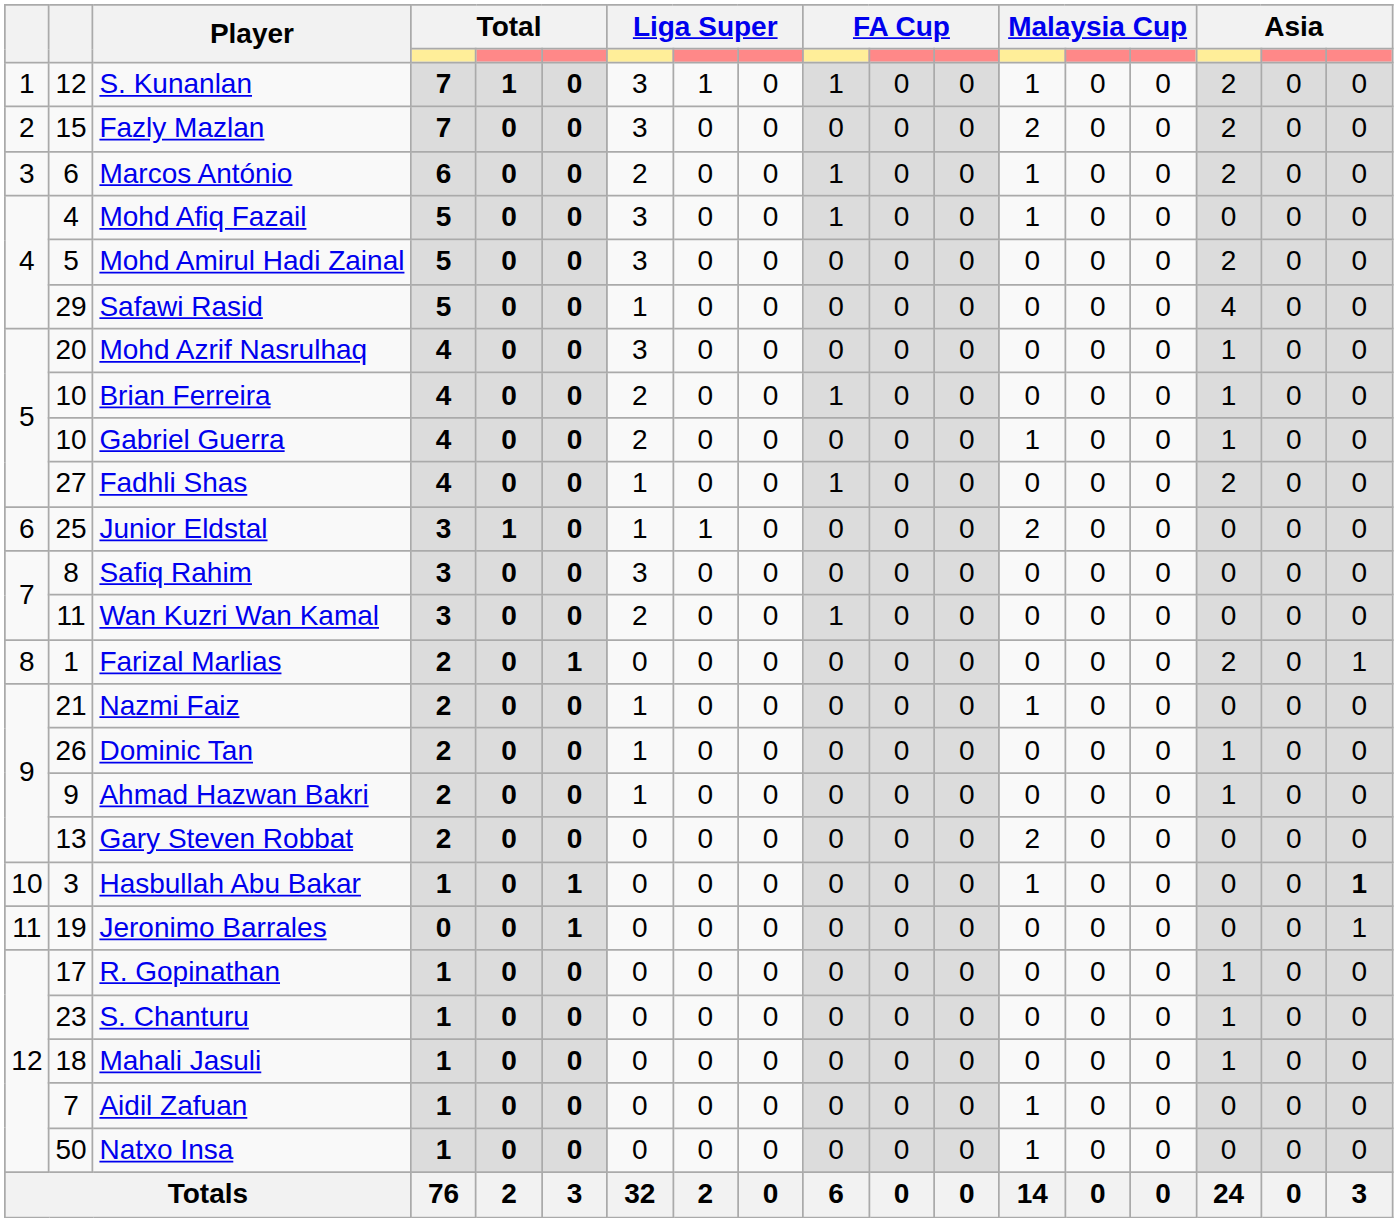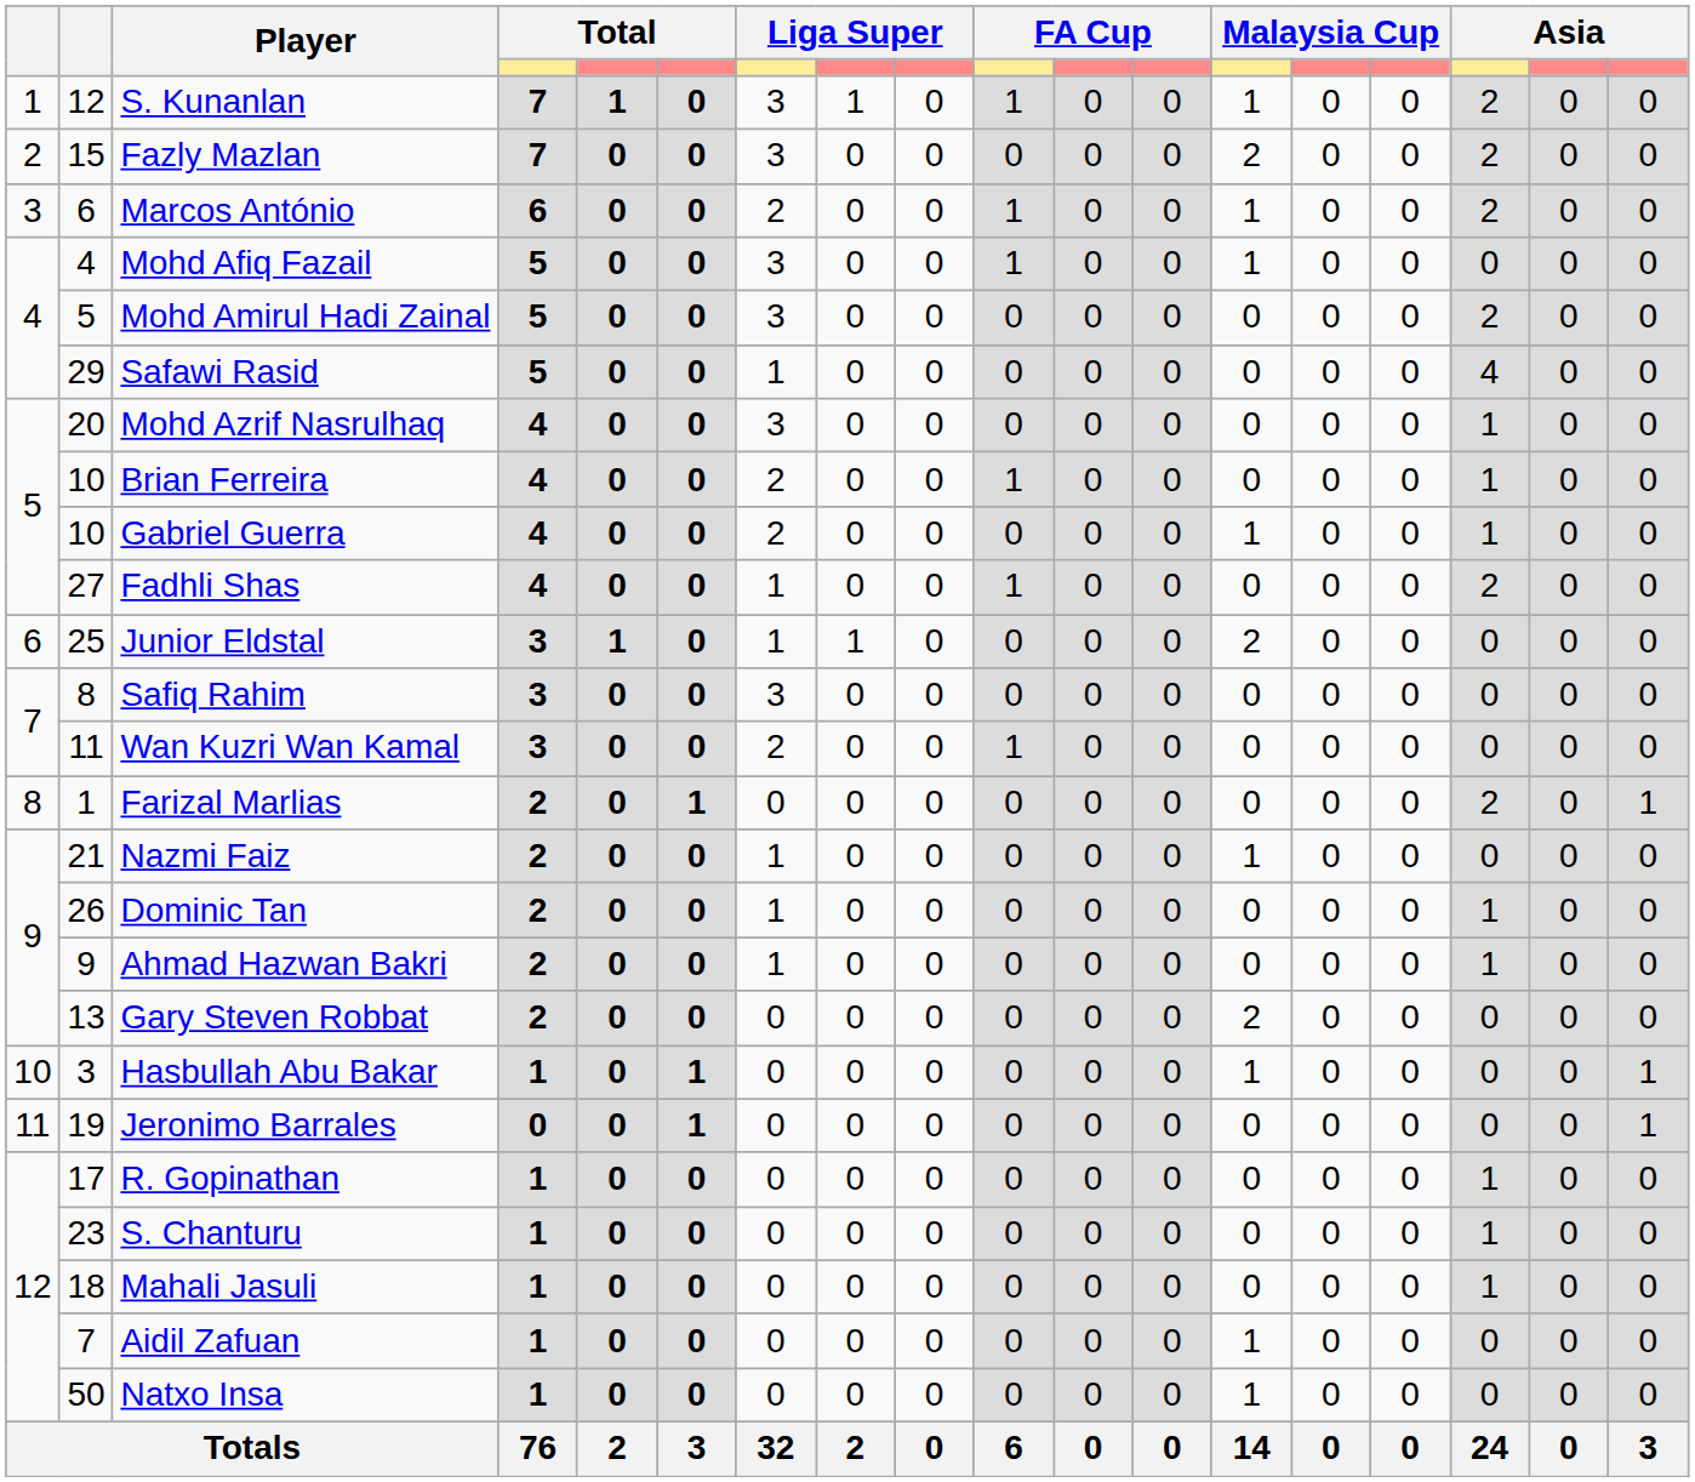 <table class="wikitable" style="text-align:center;">
 <tr style="text-align:center;">
 <th style="width:10px;" rowspan="2"></th>
 <th style="width:10px;" rowspan="2"></th>
 <th rowspan="2">Player</th>
 <th colspan="3">Total</th>
 <th colspan="3"><a href='#'>Liga Super</a></th>
 <th colspan="3"><a href='#'>FA Cup</a></th>
 <th colspan="3"><a href='#'>Malaysia Cup</a></th>
 <th colspan="3">Asia</th>
 </tr>
 <tr>
 <th style="width:30px; background:#fe9;"></th>
 <th style="width:30px; background:#ff8888;"></th>
 <th style="width:30px; background:#ff8888;"></th>
 <th style="width:30px; background:#fe9;"></th>
 <th style="width:30px; background:#ff8888;"></th>
 <th style="width:30px; background:#ff8888;"></th>
 <th style="width:30px; background:#fe9;"></th>
 <th style="width:30px; background:#ff8888;"></th>
 <th style="width:30px; background:#ff8888;"></th>
 <th style="width:30px; background:#fe9;"></th>
 <th style="width:30px; background:#ff8888;"></th>
 <th style="width:30px; background:#ff8888;"></th>
 <th style="width:30px; background:#fe9;"></th>
 <th style="width:30px; background:#ff8888;"></th>
 <th style="width:30px; background:#ff8888;"></th>
 </tr>
 <tr>
 <td rowspan="1">1</td>
 <td>12</td>
 <td align=left> <a href='#'>S. Kunanlan</a></td>
 <td style="background:#DCDCDC"><strong>7</strong> </td>
 <td style="background:#DCDCDC"><strong>1</strong> </td>
 <td style="background:#DCDCDC"><strong>0</strong> </td>
 <td>3 </td>
 <td>1 </td>
 <td>0 </td>
 <td style="background:#DCDCDC">1 </td>
 <td style="background:#DCDCDC">0 </td>
 <td style="background:#DCDCDC">0 </td>
 <td>1 </td>
 <td>0 </td>
 <td>0 </td>
 <td style="background:#DCDCDC">2 </td>
 <td style="background:#DCDCDC">0 </td>
 <td style="background:#DCDCDC">0 </td>
 </tr>
 <tr>
 <td rowspan="1">2</td>
 <td>15</td>
 <td align=left> <a href='#'>Fazly Mazlan</a></td>
 <td style="background:#DCDCDC"><strong>7</strong> </td>
 <td style="background:#DCDCDC"><strong>0</strong> </td>
 <td style="background:#DCDCDC"><strong>0</strong> </td>
 <td>3 </td>
 <td>0 </td>
 <td>0 </td>
 <td style="background:#DCDCDC">0 </td>
 <td style="background:#DCDCDC">0 </td>
 <td style="background:#DCDCDC">0 </td>
 <td>2 </td>
 <td>0 </td>
 <td>0 </td>
 <td style="background:#DCDCDC">2 </td>
 <td style="background:#DCDCDC">0 </td>
 <td style="background:#DCDCDC">0 </td>
 </tr>
 <tr>
 <td rowspan="1">3</td>
 <td>6</td>
 <td align=left> <a href='#'>Marcos António</a></td>
 <td style="background:#DCDCDC"><strong>6</strong> </td>
 <td style="background:#DCDCDC"><strong>0</strong> </td>
 <td style="background:#DCDCDC"><strong>0</strong> </td>
 <td>2 </td>
 <td>0 </td>
 <td>0 </td>
 <td style="background:#DCDCDC">1 </td>
 <td style="background:#DCDCDC">0 </td>
 <td style="background:#DCDCDC">0 </td>
 <td>1 </td>
 <td>0 </td>
 <td>0 </td>
 <td style="background:#DCDCDC">2 </td>
 <td style="background:#DCDCDC">0 </td>
 <td style="background:#DCDCDC">0 </td>
 </tr>
 <tr>
 <td rowspan="3">4</td>
 <td>4</td>
 <td align=left> <a href='#'>Mohd Afiq Fazail</a></td>
 <td style="background:#DCDCDC"><strong>5</strong> </td>
 <td style="background:#DCDCDC"><strong>0</strong> </td>
 <td style="background:#DCDCDC"><strong>0</strong> </td>
 <td>3 </td>
 <td>0 </td>
 <td>0 </td>
 <td style="background:#DCDCDC">1 </td>
 <td style="background:#DCDCDC">0 </td>
 <td style="background:#DCDCDC">0 </td>
 <td>1 </td>
 <td>0 </td>
 <td>0 </td>
 <td style="background:#DCDCDC">0 </td>
 <td style="background:#DCDCDC">0 </td>
 <td style="background:#DCDCDC">0 </td>
 </tr>
 <tr>
 <td>5</td>
 <td align=left> <a href='#'>Mohd Amirul Hadi Zainal</a></td>
 <td style="background:#DCDCDC"><strong>5</strong> </td>
 <td style="background:#DCDCDC"><strong>0</strong> </td>
 <td style="background:#DCDCDC"><strong>0</strong> </td>
 <td>3 </td>
 <td>0 </td>
 <td>0 </td>
 <td style="background:#DCDCDC">0 </td>
 <td style="background:#DCDCDC">0 </td>
 <td style="background:#DCDCDC">0 </td>
 <td>0 </td>
 <td>0 </td>
 <td>0 </td>
 <td style="background:#DCDCDC">2 </td>
 <td style="background:#DCDCDC">0 </td>
 <td style="background:#DCDCDC">0 </td>
 </tr>
 <tr>
 <td>29</td>
 <td align=left> <a href='#'>Safawi Rasid</a></td>
 <td style="background:#DCDCDC"><strong>5</strong> </td>
 <td style="background:#DCDCDC"><strong>0</strong> </td>
 <td style="background:#DCDCDC"><strong>0</strong> </td>
 <td>1 </td>
 <td>0 </td>
 <td>0 </td>
 <td style="background:#DCDCDC">0 </td>
 <td style="background:#DCDCDC">0 </td>
 <td style="background:#DCDCDC">0 </td>
 <td>0 </td>
 <td>0 </td>
 <td>0 </td>
 <td style="background:#DCDCDC">4 </td>
 <td style="background:#DCDCDC">0 </td>
 <td style="background:#DCDCDC">0 </td>
 </tr>
 <tr>
 <td rowspan="4">5</td>
 <td>20</td>
 <td align=left> <a href='#'>Mohd Azrif Nasrulhaq</a></td>
 <td style="background:#DCDCDC"><strong>4</strong> </td>
 <td style="background:#DCDCDC"><strong>0</strong> </td>
 <td style="background:#DCDCDC"><strong>0</strong> </td>
 <td>3 </td>
 <td>0 </td>
 <td>0 </td>
 <td style="background:#DCDCDC">0 </td>
 <td style="background:#DCDCDC">0 </td>
 <td style="background:#DCDCDC">0 </td>
 <td>0 </td>
 <td>0 </td>
 <td>0 </td>
 <td style="background:#DCDCDC">1 </td>
 <td style="background:#DCDCDC">0 </td>
 <td style="background:#DCDCDC">0 </td>
 </tr>
 <tr>
 <td>10</td>
 <td align=left> <a href='#'>Brian Ferreira</a></td>
 <td style="background:#DCDCDC"><strong>4</strong> </td>
 <td style="background:#DCDCDC"><strong>0</strong> </td>
 <td style="background:#DCDCDC"><strong>0</strong> </td>
 <td>2 </td>
 <td>0 </td>
 <td>0 </td>
 <td style="background:#DCDCDC">1 </td>
 <td style="background:#DCDCDC">0 </td>
 <td style="background:#DCDCDC">0 </td>
 <td>0 </td>
 <td>0 </td>
 <td>0 </td>
 <td style="background:#DCDCDC">1 </td>
 <td style="background:#DCDCDC">0 </td>
 <td style="background:#DCDCDC">0 </td>
 </tr>
 <tr>
 <td>10</td>
 <td align=left> <a href='#'>Gabriel Guerra</a></td>
 <td style="background:#DCDCDC"><strong>4</strong> </td>
 <td style="background:#DCDCDC"><strong>0</strong> </td>
 <td style="background:#DCDCDC"><strong>0</strong> </td>
 <td>2 </td>
 <td>0 </td>
 <td>0 </td>
 <td style="background:#DCDCDC">0 </td>
 <td style="background:#DCDCDC">0 </td>
 <td style="background:#DCDCDC">0 </td>
 <td>1 </td>
 <td>0 </td>
 <td>0 </td>
 <td style="background:#DCDCDC">1 </td>
 <td style="background:#DCDCDC">0 </td>
 <td style="background:#DCDCDC">0 </td>
 </tr>
 <tr>
 <td>27</td>
 <td align=left> <a href='#'>Fadhli Shas</a></td>
 <td style="background:#DCDCDC"><strong>4</strong> </td>
 <td style="background:#DCDCDC"><strong>0</strong> </td>
 <td style="background:#DCDCDC"><strong>0</strong> </td>
 <td>1 </td>
 <td>0 </td>
 <td>0 </td>
 <td style="background:#DCDCDC">1 </td>
 <td style="background:#DCDCDC">0 </td>
 <td style="background:#DCDCDC">0 </td>
 <td>0 </td>
 <td>0 </td>
 <td>0 </td>
 <td style="background:#DCDCDC">2 </td>
 <td style="background:#DCDCDC">0 </td>
 <td style="background:#DCDCDC">0 </td>
 </tr>
 <tr>
 <td rowspan="1">6</td>
 <td>25</td>
 <td align=left> <a href='#'>Junior Eldstal</a></td>
 <td style="background:#DCDCDC"><strong>3</strong> </td>
 <td style="background:#DCDCDC"><strong>1</strong> </td>
 <td style="background:#DCDCDC"><strong>0</strong> </td>
 <td>1 </td>
 <td>1 </td>
 <td>0 </td>
 <td style="background:#DCDCDC">0 </td>
 <td style="background:#DCDCDC">0 </td>
 <td style="background:#DCDCDC">0 </td>
 <td>2 </td>
 <td>0 </td>
 <td>0 </td>
 <td style="background:#DCDCDC">0 </td>
 <td style="background:#DCDCDC">0 </td>
 <td style="background:#DCDCDC">0 </td>
 </tr>
 <tr>
 <td rowspan="2">7</td>
 <td>8</td>
 <td align=left> <a href='#'>Safiq Rahim</a></td>
 <td style="background:#DCDCDC"><strong>3</strong> </td>
 <td style="background:#DCDCDC"><strong>0</strong> </td>
 <td style="background:#DCDCDC"><strong>0</strong> </td>
 <td>3 </td>
 <td>0 </td>
 <td>0 </td>
 <td style="background:#DCDCDC">0 </td>
 <td style="background:#DCDCDC">0 </td>
 <td style="background:#DCDCDC">0 </td>
 <td>0 </td>
 <td>0 </td>
 <td>0 </td>
 <td style="background:#DCDCDC">0 </td>
 <td style="background:#DCDCDC">0 </td>
 <td style="background:#DCDCDC">0 </td>
 </tr>
 <tr>
 <td>11</td>
 <td align=left> <a href='#'>Wan Kuzri Wan Kamal</a></td>
 <td style="background:#DCDCDC"><strong>3</strong> </td>
 <td style="background:#DCDCDC"><strong>0</strong> </td>
 <td style="background:#DCDCDC"><strong>0</strong> </td>
 <td>2 </td>
 <td>0 </td>
 <td>0 </td>
 <td style="background:#DCDCDC">1 </td>
 <td style="background:#DCDCDC">0 </td>
 <td style="background:#DCDCDC">0 </td>
 <td>0 </td>
 <td>0 </td>
 <td>0 </td>
 <td style="background:#DCDCDC">0 </td>
 <td style="background:#DCDCDC">0 </td>
 <td style="background:#DCDCDC">0 </td>
 </tr>
 <tr>
 <td rowspan="1">8</td>
 <td>1</td>
 <td align=left> <a href='#'>Farizal Marlias</a></td>
 <td style="background:#DCDCDC"><strong>2</strong> </td>
 <td style="background:#DCDCDC"><strong>0</strong> </td>
 <td style="background:#DCDCDC"><strong>1</strong> </td>
 <td>0 </td>
 <td>0 </td>
 <td>0 </td>
 <td style="background:#DCDCDC">0 </td>
 <td style="background:#DCDCDC">0 </td>
 <td style="background:#DCDCDC">0 </td>
 <td>0 </td>
 <td>0 </td>
 <td>0 </td>
 <td style="background:#DCDCDC">2 </td>
 <td style="background:#DCDCDC">0 </td>
 <td style="background:#DCDCDC">1 </td>
 </tr>
 <tr>
 <td rowspan="4">9</td>
 <td>21</td>
 <td align=left> <a href='#'>Nazmi Faiz</a></td>
 <td style="background:#DCDCDC"><strong>2</strong> </td>
 <td style="background:#DCDCDC"><strong>0</strong> </td>
 <td style="background:#DCDCDC"><strong>0</strong> </td>
 <td>1 </td>
 <td>0 </td>
 <td>0 </td>
 <td style="background:#DCDCDC">0 </td>
 <td style="background:#DCDCDC">0 </td>
 <td style="background:#DCDCDC">0 </td>
 <td>1 </td>
 <td>0 </td>
 <td>0 </td>
 <td style="background:#DCDCDC">0 </td>
 <td style="background:#DCDCDC">0 </td>
 <td style="background:#DCDCDC">0 </td>
 </tr>
 <tr>
 <td>26</td>
 <td align=left> <a href='#'>Dominic Tan</a></td>
 <td style="background:#DCDCDC"><strong>2</strong> </td>
 <td style="background:#DCDCDC"><strong>0</strong> </td>
 <td style="background:#DCDCDC"><strong>0</strong> </td>
 <td>1 </td>
 <td>0 </td>
 <td>0 </td>
 <td style="background:#DCDCDC">0 </td>
 <td style="background:#DCDCDC">0 </td>
 <td style="background:#DCDCDC">0 </td>
 <td>0 </td>
 <td>0 </td>
 <td>0 </td>
 <td style="background:#DCDCDC">1 </td>
 <td style="background:#DCDCDC">0 </td>
 <td style="background:#DCDCDC">0 </td>
 </tr>
 <tr>
 <td>9</td>
 <td align=left> <a href='#'>Ahmad Hazwan Bakri</a></td>
 <td style="background:#DCDCDC"><strong>2</strong> </td>
 <td style="background:#DCDCDC"><strong>0</strong> </td>
 <td style="background:#DCDCDC"><strong>0</strong> </td>
 <td>1 </td>
 <td>0 </td>
 <td>0 </td>
 <td style="background:#DCDCDC">0 </td>
 <td style="background:#DCDCDC">0 </td>
 <td style="background:#DCDCDC">0 </td>
 <td>0 </td>
 <td>0 </td>
 <td>0 </td>
 <td style="background:#DCDCDC">1 </td>
 <td style="background:#DCDCDC">0 </td>
 <td style="background:#DCDCDC">0 </td>
 </tr>
 <tr>
 <td>13</td>
 <td align=left> <a href='#'>Gary Steven Robbat</a></td>
 <td style="background:#DCDCDC"><strong>2</strong> </td>
 <td style="background:#DCDCDC"><strong>0</strong> </td>
 <td style="background:#DCDCDC"><strong>0</strong> </td>
 <td>0 </td>
 <td>0 </td>
 <td>0 </td>
 <td style="background:#DCDCDC">0 </td>
 <td style="background:#DCDCDC">0 </td>
 <td style="background:#DCDCDC">0 </td>
 <td>2 </td>
 <td>0 </td>
 <td>0 </td>
 <td style="background:#DCDCDC">0 </td>
 <td style="background:#DCDCDC">0 </td>
 <td style="background:#DCDCDC">0 </td>
 </tr>
 <tr>
 <td rowspan="1">10</td>
 <td>3</td>
 <td align=left> <a href='#'>Hasbullah Abu Bakar</a></td>
 <td style="background:#DCDCDC"><strong>1</strong> </td>
 <td style="background:#DCDCDC"><strong>0</strong> </td>
 <td style="background:#DCDCDC"><strong>1</strong> </td>
 <td>0 </td>
 <td>0 </td>
 <td>0 </td>
 <td style="background:#DCDCDC">0 </td>
 <td style="background:#DCDCDC">0 </td>
 <td style="background:#DCDCDC">0 </td>
 <td>1 </td>
 <td>0 </td>
 <td>0 </td>
 <td style="background:#DCDCDC">0 </td>
 <td style="background:#DCDCDC">0 </td>
-<td style="background:#DCDCDC"><strong>1 </strong></td>
+<td style="background:#DCDCDC">1 </td>
 </tr>
 <tr>
 <td rowspan="1">11</td>
 <td>19</td>
 <td align=left> <a href='#'>Jeronimo Barrales</a></td>
 <td style="background:#DCDCDC"><strong>0</strong> </td>
 <td style="background:#DCDCDC"><strong>0</strong> </td>
 <td style="background:#DCDCDC"><strong>1</strong> </td>
 <td>0 </td>
 <td>0 </td>
 <td>0 </td>
 <td style="background:#DCDCDC">0 </td>
 <td style="background:#DCDCDC">0 </td>
 <td style="background:#DCDCDC">0 </td>
 <td>0 </td>
 <td>0 </td>
 <td>0 </td>
 <td style="background:#DCDCDC">0 </td>
 <td style="background:#DCDCDC">0 </td>
 <td style="background:#DCDCDC">1 </td>
 </tr>
 <tr>
 <td rowspan="5">12</td>
 <td>17</td>
 <td align=left> <a href='#'>R. Gopinathan</a></td>
 <td style="background:#DCDCDC"><strong>1</strong> </td>
 <td style="background:#DCDCDC"><strong>0</strong> </td>
 <td style="background:#DCDCDC"><strong>0</strong> </td>
 <td>0 </td>
 <td>0 </td>
 <td>0 </td>
 <td style="background:#DCDCDC">0 </td>
 <td style="background:#DCDCDC">0 </td>
 <td style="background:#DCDCDC">0 </td>
 <td>0 </td>
 <td>0 </td>
 <td>0 </td>
 <td style="background:#DCDCDC">1 </td>
 <td style="background:#DCDCDC">0 </td>
 <td style="background:#DCDCDC">0 </td>
 </tr>
 <tr>
 <td>23</td>
 <td align=left> <a href='#'>S. Chanturu</a></td>
 <td style="background:#DCDCDC"><strong>1</strong> </td>
 <td style="background:#DCDCDC"><strong>0</strong> </td>
 <td style="background:#DCDCDC"><strong>0</strong> </td>
 <td>0 </td>
 <td>0 </td>
 <td>0 </td>
 <td style="background:#DCDCDC">0 </td>
 <td style="background:#DCDCDC">0 </td>
 <td style="background:#DCDCDC">0 </td>
 <td>0 </td>
 <td>0 </td>
 <td>0 </td>
 <td style="background:#DCDCDC">1 </td>
 <td style="background:#DCDCDC">0 </td>
 <td style="background:#DCDCDC">0 </td>
 </tr>
 <tr>
 <td>18</td>
 <td align=left> <a href='#'>Mahali Jasuli</a></td>
 <td style="background:#DCDCDC"><strong>1</strong> </td>
 <td style="background:#DCDCDC"><strong>0</strong> </td>
 <td style="background:#DCDCDC"><strong>0</strong> </td>
 <td>0 </td>
 <td>0 </td>
 <td>0 </td>
 <td style="background:#DCDCDC">0 </td>
 <td style="background:#DCDCDC">0 </td>
 <td style="background:#DCDCDC">0 </td>
 <td>0 </td>
 <td>0 </td>
 <td>0 </td>
 <td style="background:#DCDCDC">1 </td>
 <td style="background:#DCDCDC">0 </td>
 <td style="background:#DCDCDC">0 </td>
 </tr>
 <tr>
 <td>7</td>
 <td align=left> <a href='#'>Aidil Zafuan</a></td>
 <td style="background:#DCDCDC"><strong>1</strong> </td>
 <td style="background:#DCDCDC"><strong>0</strong> </td>
 <td style="background:#DCDCDC"><strong>0</strong> </td>
 <td>0 </td>
 <td>0 </td>
 <td>0 </td>
 <td style="background:#DCDCDC">0 </td>
 <td style="background:#DCDCDC">0 </td>
 <td style="background:#DCDCDC">0 </td>
 <td>1 </td>
 <td>0 </td>
 <td>0 </td>
 <td style="background:#DCDCDC">0 </td>
 <td style="background:#DCDCDC">0 </td>
 <td style="background:#DCDCDC">0 </td>
 </tr>
 <tr>
 <td>50</td>
 <td align=left> <a href='#'>Natxo Insa</a></td>
 <td style="background:#DCDCDC"><strong>1</strong> </td>
 <td style="background:#DCDCDC"><strong>0</strong> </td>
 <td style="background:#DCDCDC"><strong>0</strong> </td>
 <td>0 </td>
 <td>0 </td>
 <td>0 </td>
 <td style="background:#DCDCDC">0 </td>
 <td style="background:#DCDCDC">0 </td>
 <td style="background:#DCDCDC">0 </td>
 <td>1 </td>
 <td>0 </td>
 <td>0 </td>
 <td style="background:#DCDCDC">0 </td>
 <td style="background:#DCDCDC">0 </td>
 <td style="background:#DCDCDC">0 </td>
 </tr>
 <tr>
 <th colspan="3">Totals</th>
 <th>76 </th>
 <th>2 </th>
 <th>3 </th>
 <th>32 </th>
 <th>2 </th>
 <th>0 </th>
 <th>6 </th>
 <th>0 </th>
 <th>0 </th>
 <th>14 </th>
 <th>0 </th>
 <th>0 </th>
 <th>24 </th>
 <th>0 </th>
 <th>3 </th>
 </tr>
 </table>
